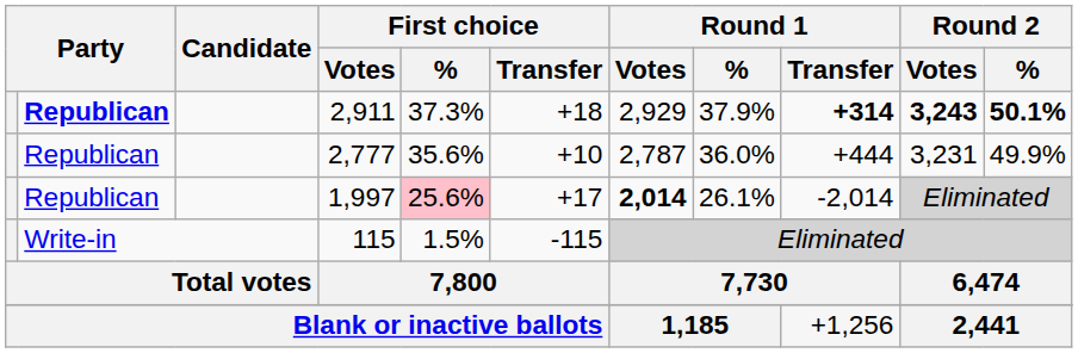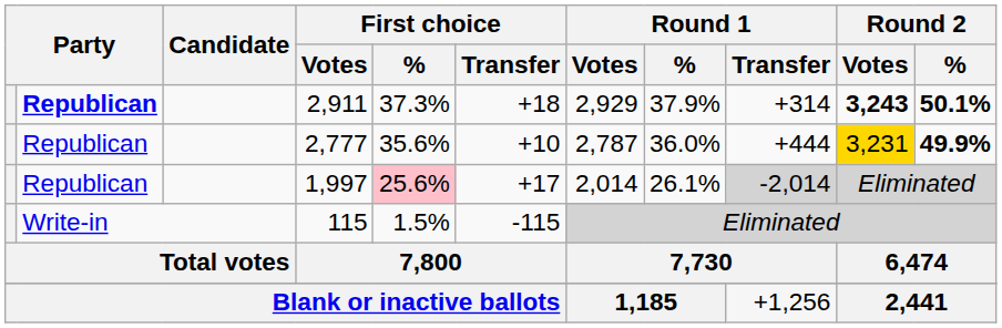 <table class="wikitable sortable" style="text-align:right">
 <tr>
 <th colspan=2 rowspan=2>Party</th>
 <th rowspan=2>Candidate</th>
 <th colspan=3>First choice</th>
 <th colspan=3>Round 1</th>
 <th colspan=3>Round 2</th>
 </tr>
 <tr>
 <th>Votes</th>
 <th>%</th>
 <th>Transfer</th>
 <th>Votes</th>
 <th>%</th>
 <th>Transfer</th>
 <th>Votes</th>
 <th>%</th>
 </tr>
 <tr>
 <th style="background-color:"></th>
 <td style="text-align:left"><strong><a href='#'>Republican</a></strong></td>
 <td style="text-align:left" scope="row"><strong></strong></td>
 <td>2,911</td>
 <td>37.3%</td>
 <td>+18</td>
 <td>2,929</td>
 <td>37.9%</td>
-<td><strong>+314</strong></td>
+<td>+314</td>
 <td><strong>3,243</strong></td>
 <td><strong>50.1%</strong></td>
 </tr>
 <tr>
 <th style="background-color:"></th>
 <td style="text-align:left"><a href='#'>Republican</a></td>
 <td style="text-align:left" scope="row"></td>
 <td>2,777</td>
 <td>35.6%</td>
 <td>+10</td>
 <td>2,787</td>
 <td>36.0%</td>
 <td>+444</td>
-<td>3,231</td>
-<td>49.9%</td>
+<td style="background: gold;">3,231</td>
+<td><strong>49.9%</strong></td>
 </tr>
 <tr>
 <th style="background-color:"></th>
 <td style="text-align:left"><a href='#'>Republican</a></td>
 <td style="text-align:left" scope="row"></td>
 <td>1,997</td>
 <td style="background: pink;">25.6%</td>
 <td>+17</td>
-<td><strong>2,014</strong></td>
+<td>2,014</td>
 <td>26.1%</td>
-<td>-2,014</td>
+<td style="background: lightgrey;">-2,014</td>
 <td colspan="2"  style="background:lightgrey; text-align:center;"><em>Eliminated</em></td>
 </tr>
 <tr>
 <th style="background-color:"></th>
 <td style="text-align:left" colspan=2><a href='#'>Write-in</a></td>
 <td>115</td>
 <td>1.5%</td>
 <td>-115</td>
 <td colspan="5"  style="background:lightgrey; text-align:center;"><em>Eliminated</em></td>
 </tr>
 <tr class="sortbottom" style="background-color:#F6F6F6">
 <th colspan=3 scope="row" style="text-align:right;"><strong>Total votes</strong></th>
 <th colspan=3><strong>7,800</strong></th>
 <th colspan=3><strong>7,730</strong></th>
 <th colspan=3><strong>6,474</strong></th>
 </tr>
 <tr class="sortbottom">
 </tr>
 <tr class="sortbottom" style="background-color:#F6F6F6">
 <th colspan=6 scope="row" style="text-align:right;"><a href='#'>Blank or inactive ballots</a></th>
 <th colspan=2>1,185</th>
 <td>+1,256</td>
 <th colspan=2>2,441</th>
 </tr>
 </table>
